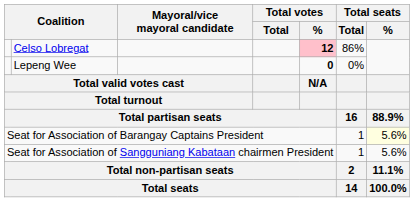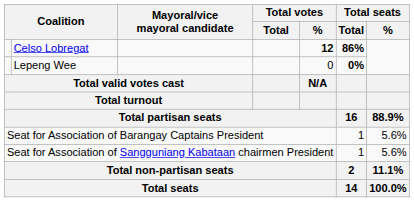 <table class=wikitable style="text-align:right">
 <tr>
 <th rowspan=2 colspan=2>Coalition</th>
 <th rowspan=2>Mayoral/vice<br>mayoral candidate</th>
 <th colspan=2>Total votes</th>
 <th colspan=2>Total seats</th>
 </tr>
 <tr>
 <th>Total</th>
 <th>%</th>
 <th>Total</th>
 <th>%</th>
 </tr>
 <tr>
 <td></td>
 <td align=left><a href='#'>Celso Lobregat</a></td>
 <td></td>
 <td></td>
-<td style="background: pink;"><strong>12</strong></td>
-<td>86%</td>
+<td><strong>12</strong></td>
+<td><strong>86%</strong></td>
 </tr>
 <tr>
 <td></td>
 <td align=left>Lepeng Wee</td>
 <td></td>
 <td></td>
-<td><strong>0</strong></td>
-<td>0%</td>
+<td>0</td>
+<td><strong>0%</strong></td>
 </tr>
 <tr>
 <th align=left colspan=3>Total valid votes cast</th>
 <th></th>
 <th>N/A</th>
 <th></th>
 <th></th>
 </tr>
 <tr>
 <th align=left colspan=3>Total turnout</th>
 <th></th>
 <th></th>
 <th></th>
 <th></th>
 </tr>
 <tr>
 <th align=left colspan=5>Total partisan seats</th>
 <th>16</th>
 <th>88.9%</th>
 </tr>
 <tr>
 <td align=left colspan=5>Seat for Association of Barangay Captains President</td>
 <td>1</td>
-<td style="background: lightyellow;">5.6%</td>
+<td>5.6%</td>
 </tr>
 <tr>
 <td align=left colspan=5>Seat for Association of <a href='#'>Sangguniang Kabataan</a> chairmen President</td>
 <td>1</td>
 <td>5.6%</td>
 </tr>
 <tr>
 <th align=left colspan=5>Total non-partisan seats</th>
 <th>2</th>
 <th>11.1%</th>
 </tr>
 <tr>
 <th colspan=5>Total seats</th>
 <th>14</th>
 <th>100.0%</th>
 </tr>
 </table>
